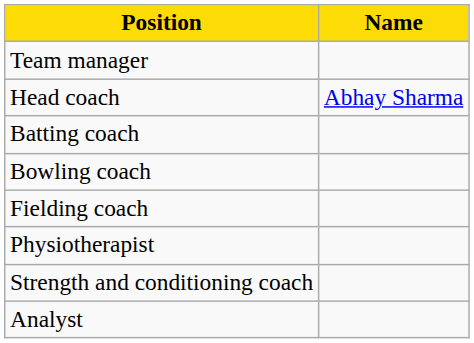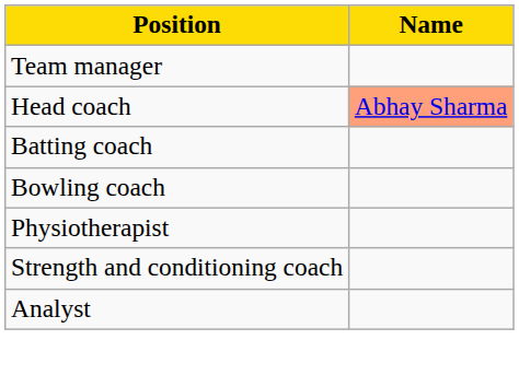 <table class="wikitable">
 <tr>
 <th style="background:#FCDC04; color:black; text-align:center;">Position</th>
 <th style="background:#FCDC04; color:black; text-align:center;">Name</th>
 </tr>
 <tr>
 <td>Team manager</td>
 <td></td>
 </tr>
 <tr>
 <td>Head coach</td>
-<td><a href='#'>Abhay Sharma</a></td>
+<td style="background: lightsalmon;"><a href='#'>Abhay Sharma</a></td>
 </tr>
 <tr>
 <td>Batting coach</td>
 <td></td>
 </tr>
 <tr>
 <td>Bowling coach</td>
-<td></td>
-</tr>
-<tr>
-<td>Fielding coach</td>
 <td></td>
 </tr>
 <tr>
 <td>Physiotherapist</td>
 <td></td>
 </tr>
 <tr>
 <td>Strength and conditioning coach</td>
 <td></td>
 </tr>
 <tr>
 <td>Analyst</td>
 <td></td>
 </tr>
 </table>
